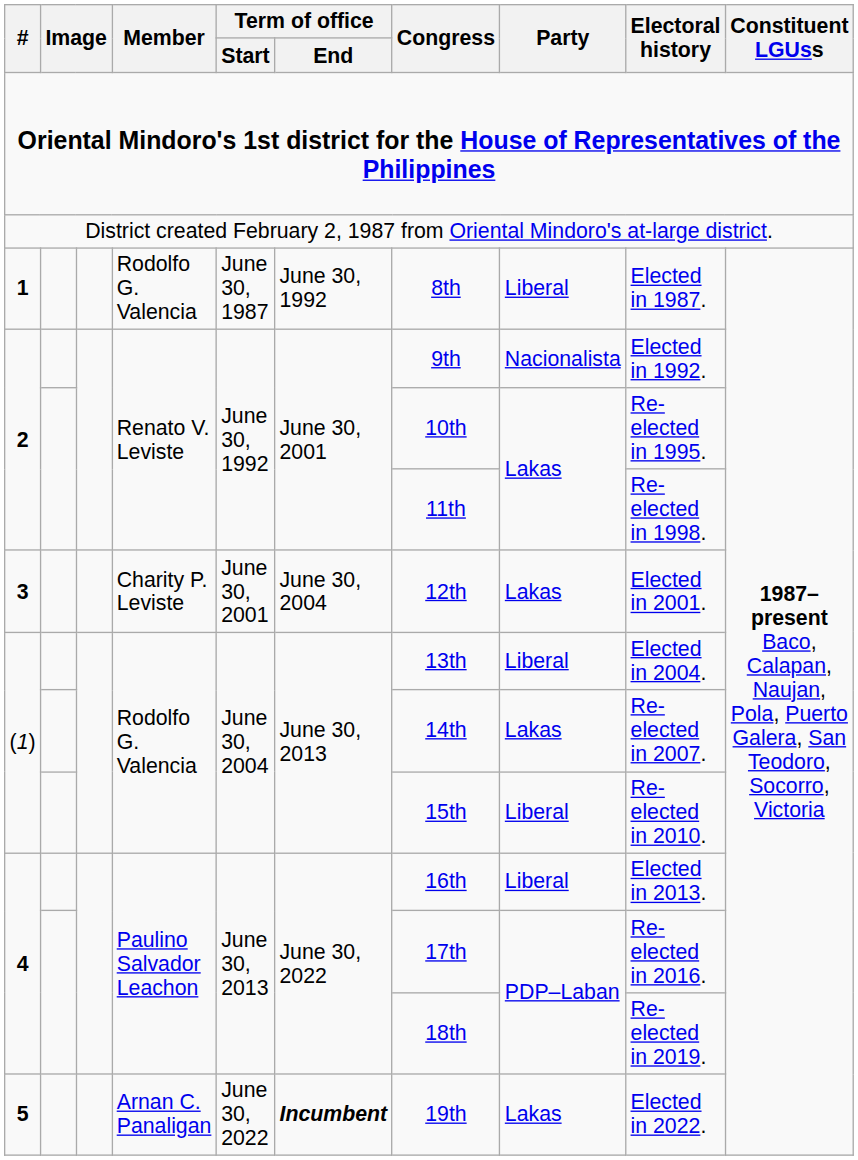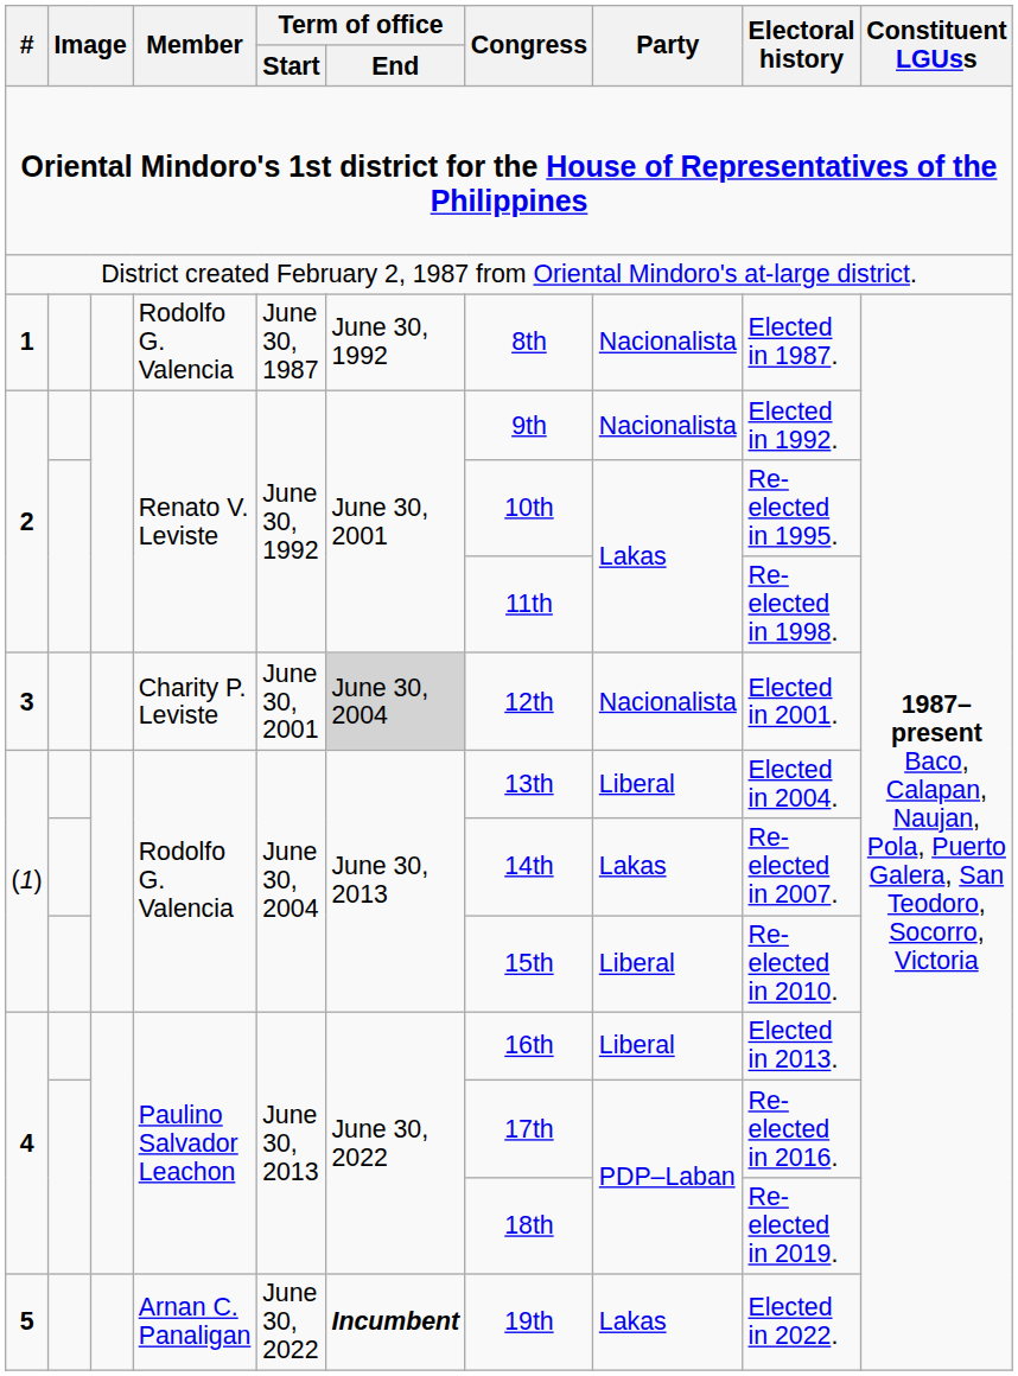 <table class=wikitable>
 <tr>
 <th rowspan="2">#</th>
 <th rowspan="2" colspan=2>Image</th>
 <th rowspan="2">Member</th>
 <th colspan=2>Term of office</th>
 <th rowspan="2">Congress</th>
 <th rowspan="2">Party</th>
 <th rowspan="2">Electoral history</th>
 <th rowspan="2">Constituent<br><a href='#'>LGUs</a>s</th>
 </tr>
 <tr>
 <th>Start</th>
 <th>End</th>
 </tr>
 <tr>
 <td colspan="10" style="text-align:center;"><br><h3>Oriental Mindoro's 1st district for the <a href='#'>House of Representatives of the Philippines</a></h3></td>
 </tr>
 <tr>
 <td colspan="10" style="text-align:center;">District created February 2, 1987 from <a href='#'>Oriental Mindoro's at-large district</a>.</td>
 </tr>
 <tr>
 <td style="text-align:center;"><strong>1</strong></td>
 <td style="color:inherit;background:"></td>
 <td></td>
 <td>Rodolfo G. Valencia</td>
 <td>June 30, 1987</td>
 <td>June 30, 1992</td>
 <td style="text-align:center;"><a href='#'>8th</a></td>
-<td><a href='#'>Liberal</a></td>
+<td><a href='#'>Nacionalista</a></td>
 <td><a href='#'>Elected in 1987</a>.</td>
 <td rowspan="12" style="text-align:center;"><strong>1987–present</strong><br><a href='#'>Baco</a>, <a href='#'>Calapan</a>, <a href='#'>Naujan</a>, <a href='#'>Pola</a>, <a href='#'>Puerto Galera</a>, <a href='#'>San Teodoro</a>, <a href='#'>Socorro</a>, <a href='#'>Victoria</a></td>
 </tr>
 <tr>
 <td rowspan="3" style="text-align:center;"><strong>2</strong></td>
 <td style="color:inherit;background:"></td>
 <td rowspan="3"></td>
 <td rowspan="3">Renato V. Leviste</td>
 <td rowspan="3">June 30, 1992</td>
 <td rowspan="3">June 30, 2001</td>
 <td style="text-align:center;"><a href='#'>9th</a></td>
 <td><a href='#'>Nacionalista</a></td>
 <td><a href='#'>Elected in 1992</a>.</td>
 </tr>
 <tr>
 <td rowspan="2" style="color:inherit;background:"></td>
 <td style="text-align:center;"><a href='#'>10th</a></td>
 <td rowspan="2"><a href='#'>Lakas</a></td>
 <td><a href='#'>Re-elected in 1995</a>.</td>
 </tr>
 <tr>
 <td style="text-align:center;"><a href='#'>11th</a></td>
 <td><a href='#'>Re-elected in 1998</a>.</td>
 </tr>
 <tr>
 <td style="text-align:center;"><strong>3</strong></td>
 <td style="color:inherit;background:"></td>
 <td></td>
 <td>Charity P. Leviste</td>
 <td>June 30, 2001</td>
-<td>June 30, 2004</td>
+<td style="background: lightgrey;">June 30, 2004</td>
 <td style="text-align:center;"><a href='#'>12th</a></td>
-<td><a href='#'>Lakas</a></td>
+<td><a href='#'>Nacionalista</a></td>
 <td><a href='#'>Elected in 2001</a>.</td>
 </tr>
 <tr>
 <td rowspan="3" style="text-align:center;">(<em>1</em>)</td>
 <td style="color:inherit;background:"></td>
 <td rowspan="3"></td>
 <td rowspan="3">Rodolfo G. Valencia</td>
 <td rowspan="3">June 30, 2004</td>
 <td rowspan="3">June 30, 2013</td>
 <td style="text-align:center;"><a href='#'>13th</a></td>
 <td><a href='#'>Liberal</a></td>
 <td><a href='#'>Elected in 2004</a>.</td>
 </tr>
 <tr>
 <td style="color:inherit;background:"></td>
 <td style="text-align:center;"><a href='#'>14th</a></td>
 <td><a href='#'>Lakas</a></td>
 <td><a href='#'>Re-elected in 2007</a>.</td>
 </tr>
 <tr>
 <td style="color:inherit;background:"></td>
 <td style="text-align:center;"><a href='#'>15th</a></td>
 <td><a href='#'>Liberal</a></td>
 <td><a href='#'>Re-elected in 2010</a>.</td>
 </tr>
 <tr>
 <td rowspan="3" style="text-align:center;"><strong>4</strong></td>
 <td style="color:inherit;background:"></td>
 <td rowspan="3"></td>
 <td rowspan="3"><a href='#'>Paulino Salvador Leachon</a></td>
 <td rowspan="3">June 30, 2013</td>
 <td rowspan="3">June 30, 2022</td>
 <td style="text-align:center;"><a href='#'>16th</a></td>
 <td><a href='#'>Liberal</a></td>
 <td><a href='#'>Elected in 2013</a>.</td>
 </tr>
 <tr>
 <td rowspan="2" style="color:inherit;background:"></td>
 <td style="text-align:center;"><a href='#'>17th</a></td>
 <td rowspan="2"><a href='#'>PDP–Laban</a></td>
 <td><a href='#'>Re-elected in 2016</a>.</td>
 </tr>
 <tr>
 <td style="text-align:center;"><a href='#'>18th</a></td>
 <td><a href='#'>Re-elected in 2019</a>.</td>
 </tr>
 <tr>
 <td style="text-align:center;"><strong>5</strong></td>
 <td style="color:inherit;background:"></td>
 <td></td>
 <td><a href='#'>Arnan C. Panaligan</a></td>
 <td>June 30, 2022</td>
 <td><strong><em>Incumbent</strong></td>
 <td style="text-align:center;"><a href='#'>19th</a></td>
 <td><a href='#'>Lakas</a></td>
 <td><a href='#'>Elected in 2022</a>.</td>
 </tr>
 </table>
